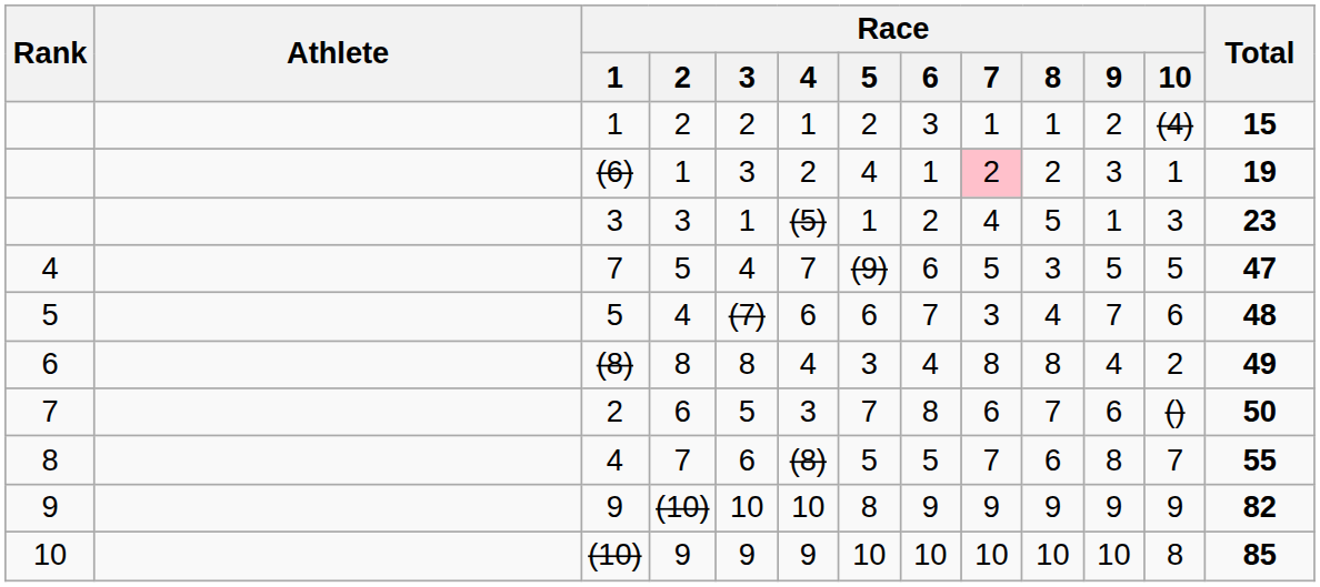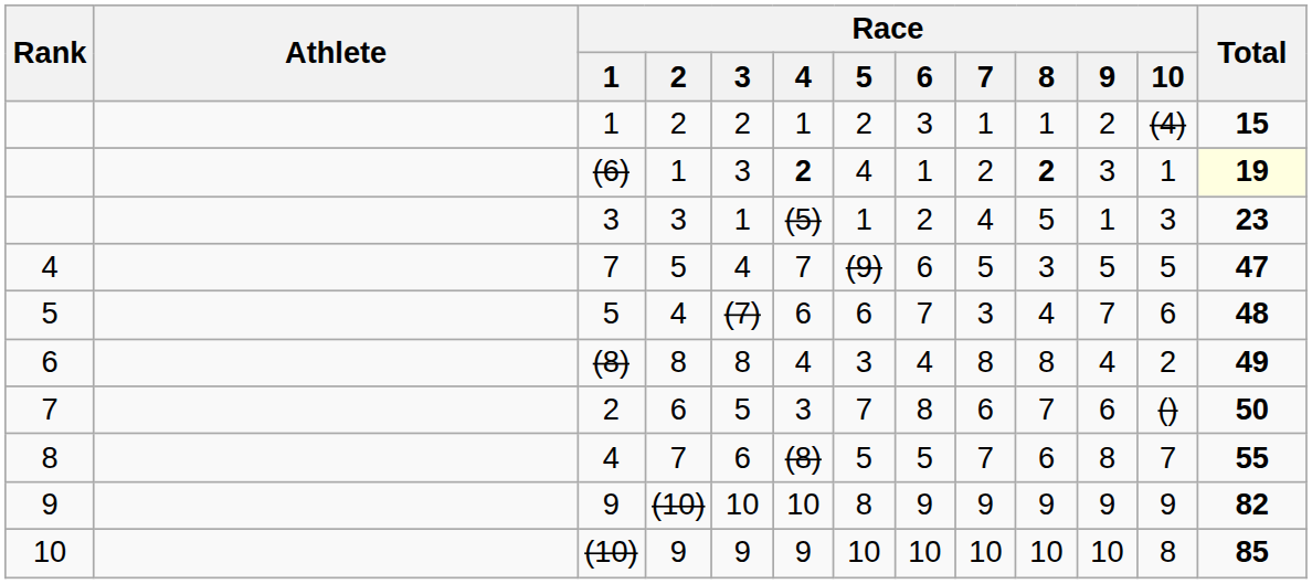 <table class="wikitable" style="text-align:center">
 <tr>
 <th rowspan="2" width=40>Rank</th>
 <th rowspan="2" width=250>Athlete</th>
 <th colspan="10">Race</th>
 <th rowspan="2" width=50>Total</th>
 </tr>
 <tr>
 <th width=25>1</th>
 <th width=25>2</th>
 <th width=25>3</th>
 <th width=25>4</th>
 <th width=25>5</th>
 <th width=25>6</th>
 <th width=25>7</th>
 <th width=25>8</th>
 <th width=25>9</th>
 <th width=25>10</th>
 </tr>
 <tr>
 <td></td>
 <td align=left></td>
 <td>1</td>
 <td>2</td>
 <td>2</td>
 <td>1</td>
 <td>2</td>
 <td>3</td>
 <td>1</td>
 <td>1</td>
 <td>2</td>
 <td><s>(4)</s></td>
 <td><strong>15</strong></td>
 </tr>
 <tr>
 <td></td>
 <td align=left></td>
 <td><s>(6)</s></td>
 <td>1</td>
 <td>3</td>
-<td>2</td>
+<td><strong>2</strong></td>
 <td>4</td>
 <td>1</td>
-<td style="background: pink;">2</td>
 <td>2</td>
+<td><strong>2</strong></td>
 <td>3</td>
 <td>1</td>
-<td><strong>19</strong></td>
+<td style="background: lightyellow;"><strong>19</strong></td>
 </tr>
 <tr>
 <td></td>
 <td align=left></td>
 <td>3</td>
 <td>3</td>
 <td>1</td>
 <td><s>(5)</s></td>
 <td>1</td>
 <td>2</td>
 <td>4</td>
 <td>5</td>
 <td>1</td>
 <td>3</td>
 <td><strong>23</strong></td>
 </tr>
 <tr>
 <td>4</td>
 <td align=left></td>
 <td>7</td>
 <td>5</td>
 <td>4</td>
 <td>7</td>
 <td><s>(9)</s></td>
 <td>6</td>
 <td>5</td>
 <td>3</td>
 <td>5</td>
 <td>5</td>
 <td><strong>47</strong></td>
 </tr>
 <tr>
 <td>5</td>
 <td align=left></td>
 <td>5</td>
 <td>4</td>
 <td><s>(7)</s></td>
 <td>6</td>
 <td>6</td>
 <td>7</td>
 <td>3</td>
 <td>4</td>
 <td>7</td>
 <td>6</td>
 <td><strong>48</strong></td>
 </tr>
 <tr>
 <td>6</td>
 <td align=left></td>
 <td><s>(8)</s></td>
 <td>8</td>
 <td>8</td>
 <td>4</td>
 <td>3</td>
 <td>4</td>
 <td>8</td>
 <td>8</td>
 <td>4</td>
 <td>2</td>
 <td><strong>49</strong></td>
 </tr>
 <tr>
 <td>7</td>
 <td align=left></td>
 <td>2</td>
 <td>6</td>
 <td>5</td>
 <td>3</td>
 <td>7</td>
 <td>8</td>
 <td>6</td>
 <td>7</td>
 <td>6</td>
 <td><s>()</s></td>
 <td><strong>50</strong></td>
 </tr>
 <tr>
 <td>8</td>
 <td align=left></td>
 <td>4</td>
 <td>7</td>
 <td>6</td>
 <td><s>(8)</s></td>
 <td>5</td>
 <td>5</td>
 <td>7</td>
 <td>6</td>
 <td>8</td>
 <td>7</td>
 <td><strong>55</strong></td>
 </tr>
 <tr>
 <td>9</td>
 <td align=left></td>
 <td>9</td>
 <td><s>(10)</s></td>
 <td>10</td>
 <td>10</td>
 <td>8</td>
 <td>9</td>
 <td>9</td>
 <td>9</td>
 <td>9</td>
 <td>9</td>
 <td><strong>82</strong></td>
 </tr>
 <tr>
 <td>10</td>
 <td align=left></td>
 <td><s>(10)</s></td>
 <td>9</td>
 <td>9</td>
 <td>9</td>
 <td>10</td>
 <td>10</td>
 <td>10</td>
 <td>10</td>
 <td>10</td>
 <td>8</td>
 <td><strong>85</strong></td>
 </tr>
 </table>
